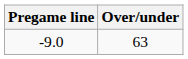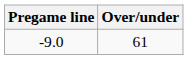 <table class="wikitable" style="margin-left: auto; margin-right: auto; border: none; display: inline-table;">
 <tr align="center">
 <th style=>Pregame line</th>
 <th style=>Over/under</th>
 </tr>
 <tr align="center">
 <td>-9.0</td>
-<td>63</td>
+<td>61</td>
 </tr>
 </table>
